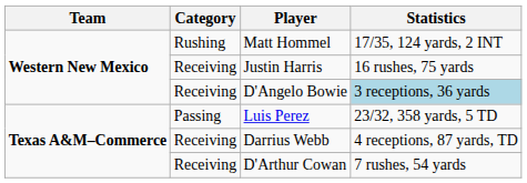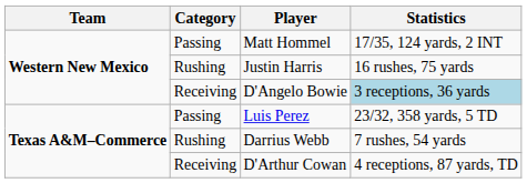 <table class="wikitable" style="float: left;">
 <tr>
 <th>Team</th>
 <th>Category</th>
 <th>Player</th>
 <th>Statistics</th>
 </tr>
 <tr>
 <td rowspan=3><strong>Western New Mexico</strong></td>
-<td>Rushing</td>
+<td>Passing</td>
 <td>Matt Hommel</td>
 <td>17/35, 124 yards, 2 INT</td>
 </tr>
 <tr>
-<td>Receiving</td>
+<td>Rushing</td>
 <td>Justin Harris</td>
 <td>16 rushes, 75 yards</td>
 </tr>
 <tr>
 <td>Receiving</td>
 <td>D'Angelo Bowie</td>
 <td style="background: lightblue;">3 receptions, 36 yards</td>
 </tr>
 <tr>
 <td rowspan=3><strong>Texas A&M–Commerce</strong></td>
 <td>Passing</td>
 <td><a href='#'>Luis Perez</a></td>
 <td>23/32, 358 yards, 5 TD</td>
 </tr>
 <tr>
-<td>Receiving</td>
+<td>Rushing</td>
 <td>Darrius Webb</td>
-<td>4 receptions, 87 yards, TD</td>
+<td>7 rushes, 54 yards</td>
 </tr>
 <tr>
 <td>Receiving</td>
 <td>D'Arthur Cowan</td>
-<td>7 rushes, 54 yards</td>
+<td>4 receptions, 87 yards, TD</td>
 </tr>
 </table>
